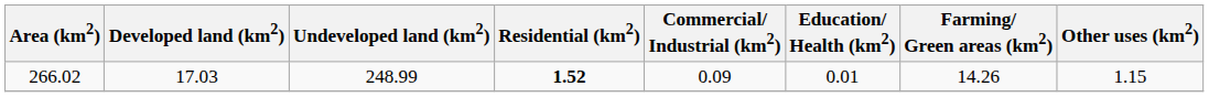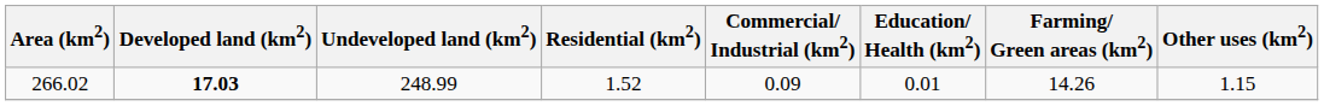 <table class="wikitable" style="text-align: center;">
 <tr>
 <th>Area (km<sup>2</sup>)</th>
 <th>Developed land (km<sup>2</sup>)</th>
 <th>Undeveloped land (km<sup>2</sup>)</th>
 <th>Residential (km<sup>2</sup>)</th>
 <th>Commercial/<br> Industrial (km<sup>2</sup>)</th>
 <th>Education/<br> Health (km<sup>2</sup>)</th>
 <th>Farming/<br> Green areas (km<sup>2</sup>)</th>
 <th>Other uses (km<sup>2</sup>)</th>
 </tr>
 <tr>
 <td>266.02</td>
-<td>17.03</td>
+<td><strong>17.03</strong></td>
 <td>248.99</td>
-<td><strong>1.52</strong></td>
+<td>1.52</td>
 <td>0.09</td>
 <td>0.01</td>
 <td>14.26</td>
 <td>1.15</td>
 </tr>
 <tr>
 </tr>
 </table>
